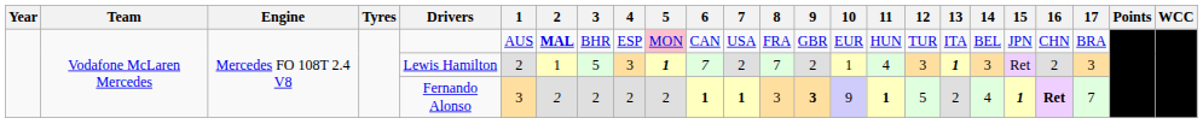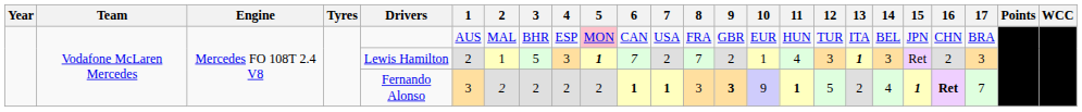 <table class="wikitable" border="1" style="text-align:center; font-size:95%;">
 <tr>
 <th>Year</th>
 <th>Team</th>
 <th>Engine</th>
 <th>Tyres</th>
 <th>Drivers</th>
 <th>1</th>
 <th>2</th>
 <th>3</th>
 <th>4</th>
 <th>5</th>
 <th>6</th>
 <th>7</th>
 <th>8</th>
 <th>9</th>
 <th>10</th>
 <th>11</th>
 <th>12</th>
 <th>13</th>
 <th>14</th>
 <th>15</th>
 <th>16</th>
 <th>17</th>
 <th>Points</th>
 <th>WCC</th>
 </tr>
 <tr>
 <td rowspan="3"></td>
 <td rowspan="3"><a href='#'>Vodafone McLaren Mercedes</a></td>
 <td rowspan="3"><a href='#'>Mercedes</a> FO 108T 2.4 <a href='#'>V8</a></td>
 <td rowspan="3"></td>
 <td></td>
 <td><a href='#'>AUS</a></td>
-<td><strong><a href='#'>MAL</a></strong></td>
+<td><a href='#'>MAL</a></td>
 <td><a href='#'>BHR</a></td>
 <td><a href='#'>ESP</a></td>
 <td style="background: pink;"><a href='#'>MON</a></td>
 <td><a href='#'>CAN</a></td>
 <td><a href='#'>USA</a></td>
 <td><a href='#'>FRA</a></td>
 <td><a href='#'>GBR</a></td>
 <td><a href='#'>EUR</a></td>
 <td><a href='#'>HUN</a></td>
 <td><a href='#'>TUR</a></td>
 <td><a href='#'>ITA</a></td>
 <td><a href='#'>BEL</a></td>
 <td><a href='#'>JPN</a></td>
 <td><a href='#'>CHN</a></td>
 <td><a href='#'>BRA</a></td>
 <td rowspan="3" style="background-color:#000000"><span><strong>DSQ‡</strong></span></td>
 <td rowspan="3" style="background-color:#000000"><span><strong>EX*</strong></span></td>
 </tr>
 <tr>
 <td> <a href='#'>Lewis Hamilton</a></td>
 <td style="background-color:#DFDFDF">2</td>
 <td style="background-color:#FFFFBF">1</td>
 <td style="background-color:#DFFFDF">5</td>
 <td style="background-color:#FFDF9F">3</td>
 <td style="background-color:#FFFFBF"><strong><em>1</em></strong></td>
 <td style="background-color:#DFFFDF"><em>7</em></td>
 <td style="background-color:#DFDFDF">2</td>
 <td style="background-color:#DFFFDF">7</td>
 <td style="background-color:#DFDFDF">2</td>
 <td style="background-color:#FFFFBF">1</td>
 <td style="background-color:#DFFFDF">4</td>
 <td style="background-color:#FFDF9F">3</td>
 <td style="background-color:#FFFFBF"><strong><em>1</em></strong></td>
 <td style="background-color:#FFDF9F">3</td>
 <td style="background-color:#EFCFFF">Ret</td>
 <td style="background-color:#DFDFDF">2</td>
 <td style="background-color:#FFDF9F">3</td>
 </tr>
 <tr>
 <td> <a href='#'>Fernando Alonso</a></td>
 <td style="background-color:#FFDF9F">3</td>
 <td style="background-color:#DFDFDF"><em>2</em></td>
 <td style="background-color:#DFDFDF">2</td>
 <td style="background-color:#DFDFDF">2</td>
 <td style="background-color:#DFDFDF">2</td>
 <td style="background-color:#FFFFBF"><strong>1</strong></td>
 <td style="background-color:#FFFFBF"><strong>1</strong></td>
 <td style="background-color:#FFDF9F">3</td>
 <td style="background-color:#FFDF9F"><strong>3</strong></td>
 <td style="background-color:#CFCCFC">9</td>
 <td style="background-color:#FFFFBF"><strong>1</strong></td>
 <td style="background-color:#DFFFDF">5</td>
 <td style="background-color:#DFDFDF">2</td>
 <td style="background-color:#DFFFDF">4</td>
 <td style="background-color:#FFFFBF"><strong><em>1</em></strong></td>
 <td style="background-color:#EFCFFF"><strong>Ret</strong></td>
 <td style="background-color:#DFFFDF">7</td>
 </tr>
 </table>
